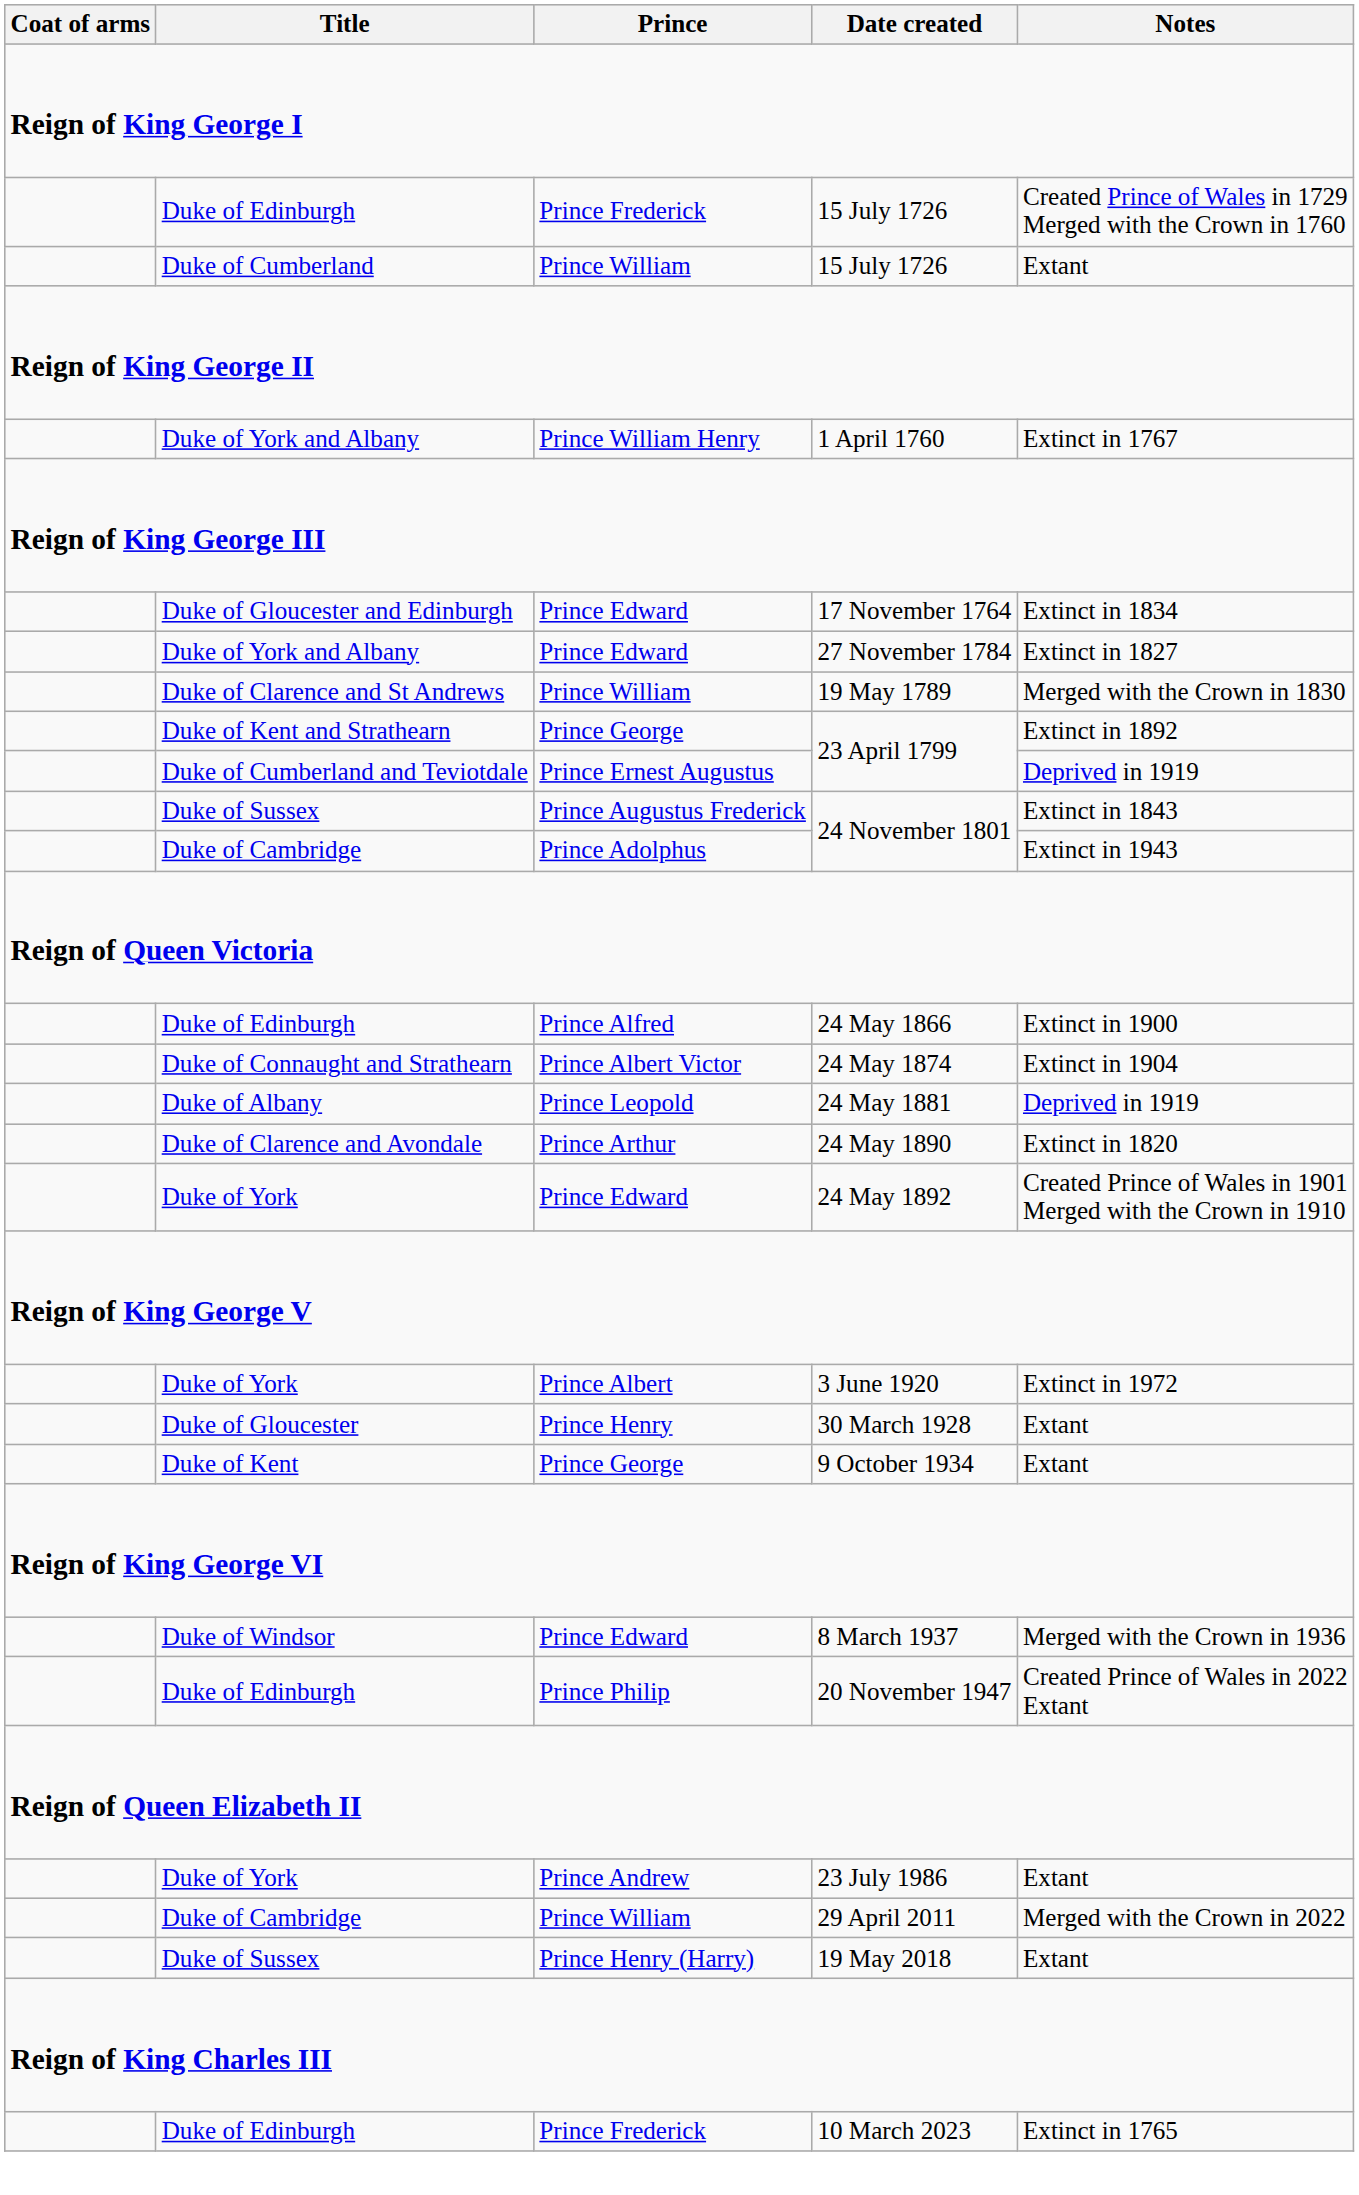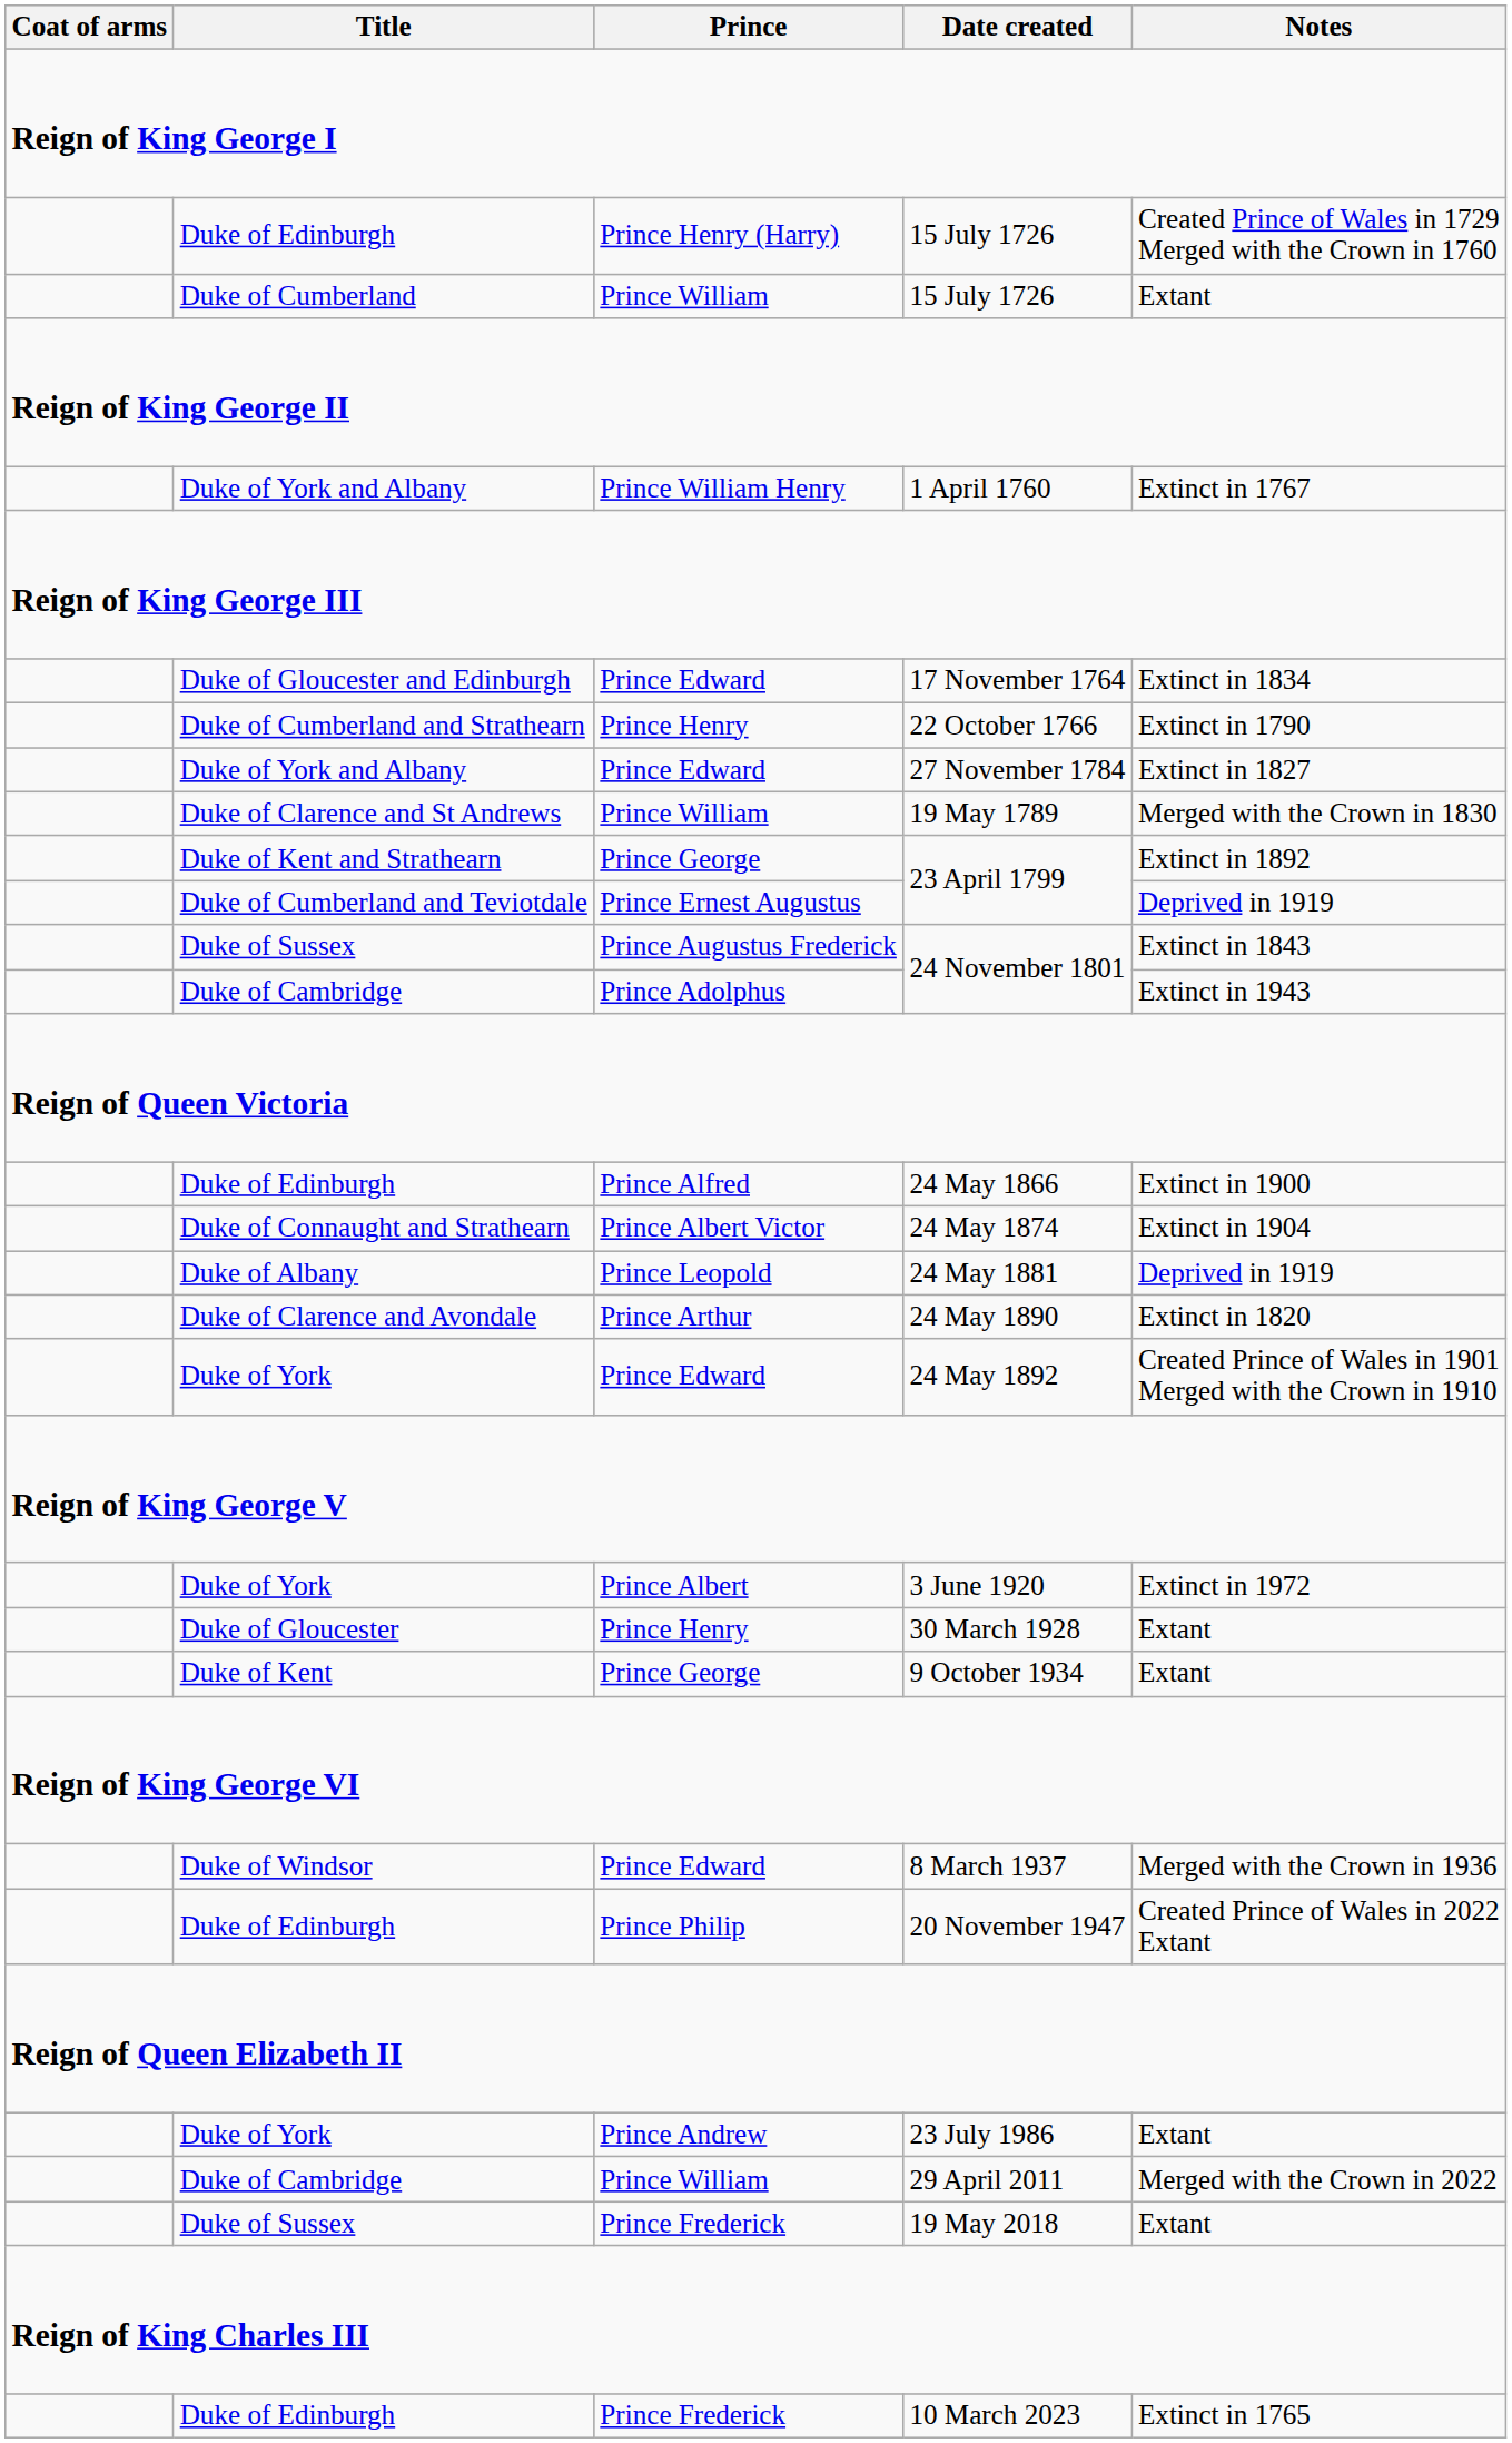 <table class="wikitable">
 <tr>
 <th>Coat of arms</th>
 <th>Title</th>
 <th>Prince</th>
 <th>Date created</th>
 <th>Notes</th>
 </tr>
 <tr>
 <td colspan=5><br><h3>Reign of <a href='#'>King George I</a></h3></td>
 </tr>
 <tr>
 <td align=center></td>
 <td><a href='#'>Duke of Edinburgh</a></td>
-<td><a href='#'>Prince Frederick</a></td>
+<td><a href='#'>Prince Henry (Harry)</a></td>
 <td>15 July 1726</td>
 <td>Created <a href='#'>Prince of Wales</a> in 1729<br>Merged with the Crown in 1760</td>
 </tr>
 <tr>
 <td align=center></td>
 <td><a href='#'>Duke of Cumberland</a></td>
 <td><a href='#'>Prince William</a></td>
 <td>15 July 1726</td>
 <td>Extant</td>
 </tr>
 <tr>
 <td colspan=5><br><h3>Reign of <a href='#'>King George II</a></h3></td>
 </tr>
 <tr>
 <td align=center></td>
 <td><a href='#'>Duke of York and Albany</a></td>
 <td><a href='#'>Prince William Henry</a></td>
 <td>1 April 1760</td>
 <td>Extinct in 1767</td>
 </tr>
 <tr>
 <td colspan=5><br><h3>Reign of <a href='#'>King George III</a></h3></td>
 </tr>
 <tr>
 <td align=center></td>
 <td><a href='#'>Duke of Gloucester and Edinburgh</a></td>
 <td><a href='#'>Prince Edward</a></td>
 <td>17 November 1764</td>
 <td>Extinct in 1834</td>
+</tr>
+<tr>
+<td align=center></td>
+<td><a href='#'>Duke of Cumberland and Strathearn</a></td>
+<td><a href='#'>Prince Henry</a></td>
+<td>22 October 1766</td>
+<td>Extinct in 1790</td>
 </tr>
 <tr>
 <td align=center></td>
 <td><a href='#'>Duke of York and Albany</a></td>
 <td><a href='#'>Prince Edward</a></td>
 <td>27 November 1784</td>
 <td>Extinct in 1827</td>
 </tr>
 <tr>
 <td align=center></td>
 <td><a href='#'>Duke of Clarence and St Andrews</a></td>
 <td><a href='#'>Prince William</a></td>
 <td>19 May 1789</td>
 <td>Merged with the Crown in 1830</td>
 </tr>
 <tr>
 <td align=center></td>
 <td><a href='#'>Duke of Kent and Strathearn</a></td>
 <td><a href='#'>Prince George</a></td>
 <td rowspan=2>23 April 1799</td>
 <td>Extinct in 1892</td>
 </tr>
 <tr>
 <td align=center></td>
 <td><a href='#'>Duke of Cumberland and Teviotdale</a></td>
 <td><a href='#'>Prince Ernest Augustus</a></td>
 <td><a href='#'>Deprived</a> in 1919</td>
 </tr>
 <tr>
 <td align=center></td>
 <td><a href='#'>Duke of Sussex</a></td>
 <td><a href='#'>Prince Augustus Frederick</a></td>
 <td rowspan=2>24 November 1801</td>
 <td>Extinct in 1843</td>
 </tr>
 <tr>
 <td align=center></td>
 <td><a href='#'>Duke of Cambridge</a></td>
 <td><a href='#'>Prince Adolphus</a></td>
 <td>Extinct in 1943</td>
 </tr>
 <tr>
 <td colspan=5><br><h3>Reign of <a href='#'>Queen Victoria</a></h3></td>
 </tr>
 <tr>
 <td align=center></td>
 <td><a href='#'>Duke of Edinburgh</a></td>
 <td><a href='#'>Prince Alfred</a></td>
 <td>24 May 1866</td>
 <td>Extinct in 1900</td>
 </tr>
 <tr>
 <td align=center></td>
 <td><a href='#'>Duke of Connaught and Strathearn</a></td>
 <td><a href='#'>Prince Albert Victor</a></td>
 <td>24 May 1874</td>
 <td>Extinct in 1904</td>
 </tr>
 <tr>
 <td align=center></td>
 <td><a href='#'>Duke of Albany</a></td>
 <td><a href='#'>Prince Leopold</a></td>
 <td>24 May 1881</td>
 <td><a href='#'>Deprived</a> in 1919</td>
 </tr>
 <tr>
 <td align=center></td>
 <td><a href='#'>Duke of Clarence and Avondale</a></td>
 <td><a href='#'>Prince Arthur</a></td>
 <td>24 May 1890</td>
 <td>Extinct in 1820</td>
 </tr>
 <tr>
 <td align=center></td>
 <td><a href='#'>Duke of York</a></td>
 <td><a href='#'>Prince Edward</a></td>
 <td>24 May 1892</td>
 <td>Created Prince of Wales in 1901<br>Merged with the Crown in 1910</td>
 </tr>
 <tr>
 <td colspan=5><br><h3>Reign of <a href='#'>King George V</a></h3></td>
 </tr>
 <tr>
 <td align=center></td>
 <td><a href='#'>Duke of York</a></td>
 <td><a href='#'>Prince Albert</a></td>
 <td>3 June 1920</td>
 <td>Extinct in 1972</td>
 </tr>
 <tr>
 <td align=center></td>
 <td><a href='#'>Duke of Gloucester</a></td>
 <td><a href='#'>Prince Henry</a></td>
 <td>30 March 1928</td>
 <td>Extant</td>
 </tr>
 <tr>
 <td align=center></td>
 <td><a href='#'>Duke of Kent</a></td>
 <td><a href='#'>Prince George</a></td>
 <td>9 October 1934</td>
 <td>Extant</td>
 </tr>
 <tr>
 <td colspan=5><br><h3>Reign of <a href='#'>King George VI</a></h3></td>
 </tr>
 <tr>
 <td align=center></td>
 <td><a href='#'>Duke of Windsor</a></td>
 <td><a href='#'>Prince Edward</a></td>
 <td>8 March 1937</td>
 <td>Merged with the Crown in 1936</td>
 </tr>
 <tr>
 <td align=center></td>
 <td><a href='#'>Duke of Edinburgh</a></td>
 <td><a href='#'>Prince Philip</a></td>
 <td>20 November 1947</td>
 <td>Created Prince of Wales in 2022<br>Extant</td>
 </tr>
 <tr>
 <td colspan=5><br><h3>Reign of <a href='#'>Queen Elizabeth II</a></h3></td>
 </tr>
 <tr>
 <td align=center></td>
 <td><a href='#'>Duke of York</a></td>
 <td><a href='#'>Prince Andrew</a></td>
 <td>23 July 1986</td>
 <td>Extant</td>
 </tr>
 <tr>
 <td align=center></td>
 <td><a href='#'>Duke of Cambridge</a></td>
 <td><a href='#'>Prince William</a></td>
 <td>29 April 2011</td>
 <td>Merged with the Crown in 2022</td>
 </tr>
 <tr>
 <td align=center></td>
 <td><a href='#'>Duke of Sussex</a></td>
-<td><a href='#'>Prince Henry (Harry)</a></td>
+<td><a href='#'>Prince Frederick</a></td>
 <td>19 May 2018</td>
 <td>Extant</td>
 </tr>
 <tr>
 <td colspan=5><br><h3>Reign of <a href='#'>King Charles III</a></h3></td>
 </tr>
 <tr>
 <td align=center></td>
 <td><a href='#'>Duke of Edinburgh</a></td>
 <td><a href='#'>Prince Frederick</a></td>
 <td>10 March 2023</td>
 <td>Extinct in 1765</td>
 </tr>
 </table>
